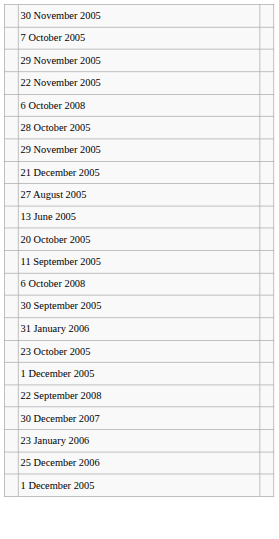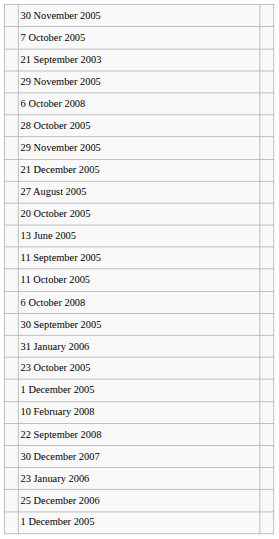 <table class="wikitable" style="font-size: 89%; float: left; width: 26em; margin-right: 1em; line-height: 1.65em !important; height: 675px;">
 <tr>
 <td></td>
 <td>30 November 2005</td>
 <td></td>
 </tr>
 <tr>
 <td></td>
 <td>7 October 2005</td>
 <td></td>
 </tr>
 <tr>
 <td></td>
-<td>29 November 2005</td>
+<td>21 September 2003</td>
 <td></td>
 </tr>
 <tr>
 <td></td>
-<td>22 November 2005</td>
+<td>29 November 2005</td>
 <td></td>
 </tr>
 <tr>
 <td></td>
 <td>6 October 2008</td>
 <td></td>
 </tr>
 <tr>
 <td></td>
 <td>28 October 2005</td>
 <td></td>
 </tr>
 <tr>
 <td></td>
 <td>29 November 2005</td>
 <td></td>
 </tr>
 <tr>
 <td></td>
 <td>21 December 2005</td>
 <td></td>
 </tr>
 <tr>
 <td></td>
 <td>27 August 2005</td>
 <td></td>
 </tr>
 <tr>
 <td></td>
+<td>20 October 2005</td>
+<td></td>
+</tr>
+<tr>
+<td></td>
 <td>13 June 2005</td>
 <td></td>
 </tr>
 <tr>
 <td></td>
-<td>20 October 2005</td>
+<td>11 September 2005</td>
 <td></td>
 </tr>
 <tr>
 <td></td>
-<td>11 September 2005</td>
+<td>11 October 2005</td>
 <td></td>
 </tr>
 <tr>
 <td></td>
 <td>6 October 2008</td>
 <td></td>
 </tr>
 <tr>
 <td></td>
 <td>30 September 2005</td>
 <td></td>
 </tr>
 <tr>
 <td></td>
 <td>31 January 2006</td>
 <td></td>
 </tr>
 <tr>
 <td></td>
 <td>23 October 2005</td>
 <td></td>
 </tr>
 <tr>
 <td></td>
 <td>1 December 2005</td>
 <td></td>
 </tr>
 <tr>
 <td></td>
+<td>10 February 2008</td>
+<td></td>
+</tr>
+<tr>
+<td></td>
 <td>22 September 2008</td>
 <td></td>
 </tr>
 <tr>
 <td></td>
 <td>30 December 2007</td>
 <td></td>
 </tr>
 <tr>
 <td></td>
 <td>23 January 2006</td>
 <td></td>
 </tr>
 <tr>
 <td></td>
 <td>25 December 2006</td>
 <td></td>
 </tr>
 <tr>
 <td></td>
 <td>1 December 2005</td>
 <td></td>
 </tr>
 </table>
